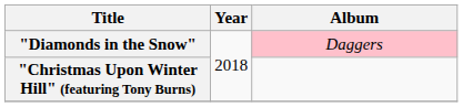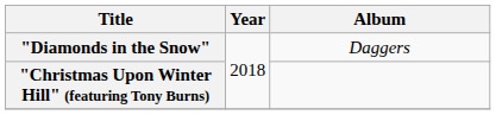 <table class="wikitable plainrowheaders" style="text-align:center;">
 <tr>
 <th scope="col" style="width:12em;">Title</th>
 <th scope="col">Year</th>
 <th scope="col" style="width:12em;">Album</th>
 </tr>
 <tr>
 <th scope="row">"Diamonds in the Snow"</th>
 <td rowspan="2">2018</td>
-<td style="background: pink;"><em>Daggers</em></td>
+<td><em>Daggers</em></td>
 </tr>
 <tr>
 <th scope="row">"Christmas Upon Winter Hill"  <small>(featuring Tony Burns)</small></th>
 <td></td>
 </tr>
 <tr>
 </tr>
 </table>
